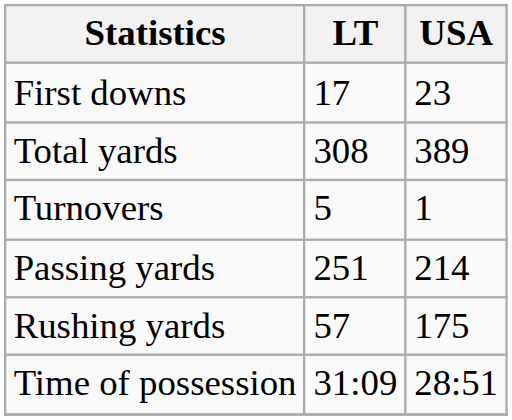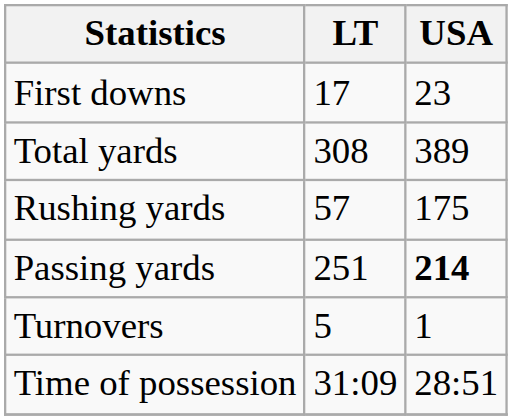 <table class="wikitable">
 <tr>
 <th>Statistics</th>
 <th>LT</th>
 <th>USA</th>
 </tr>
 <tr>
 <td>First downs</td>
 <td>17</td>
 <td>23</td>
 </tr>
 <tr>
 <td>Total yards</td>
 <td>308</td>
 <td>389</td>
 </tr>
 <tr>
-<td>Turnovers</td>
-<td>5</td>
-<td>1</td>
+<td>Rushing yards</td>
+<td>57</td>
+<td>175</td>
 </tr>
 <tr>
 <td>Passing yards</td>
 <td>251</td>
-<td>214</td>
+<td><strong>214</strong></td>
 </tr>
 <tr>
-<td>Rushing yards</td>
-<td>57</td>
-<td>175</td>
+<td>Turnovers</td>
+<td>5</td>
+<td>1</td>
 </tr>
 <tr>
 <td>Time of possession</td>
 <td>31:09</td>
 <td>28:51</td>
 </tr>
 <tr>
 </tr>
 </table>
